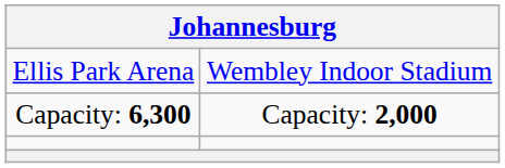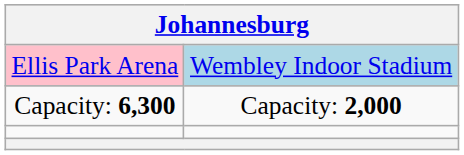 <table class="wikitable" style="margin:1em auto; text-align:center">
 <tr>
 <th width=185 colspan=2><a href='#'>Johannesburg</a></th>
 </tr>
 <tr>
-<td><a href='#'>Ellis Park Arena</a></td>
-<td><a href='#'>Wembley Indoor Stadium</a></td>
+<td style="background: pink;"><a href='#'>Ellis Park Arena</a></td>
+<td style="background: lightblue;"><a href='#'>Wembley Indoor Stadium</a></td>
 </tr>
 <tr>
 <td>Capacity: <strong>6,300</strong></td>
 <td>Capacity: <strong>2,000</strong></td>
 </tr>
 <tr>
 <td></td>
 <td></td>
 </tr>
 <tr>
 <th colspan=4></th>
 </tr>
 </table>
